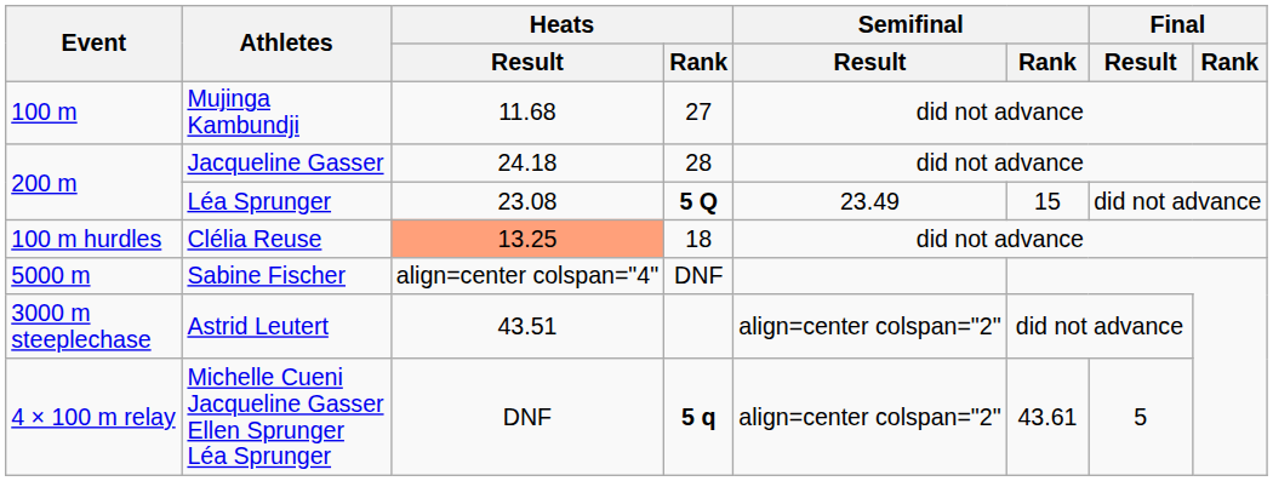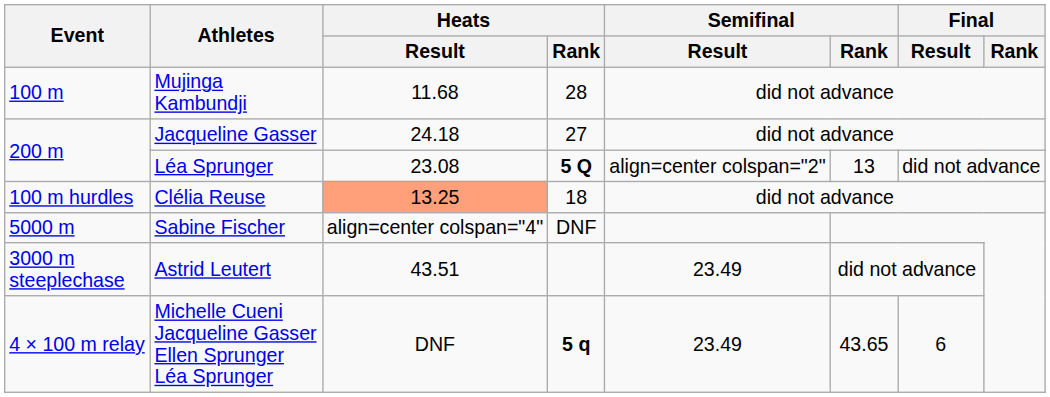 <table class="wikitable" border="1" style="font-size:90%">
 <tr>
 <th rowspan="2" width=100>Event</th>
 <th rowspan="2" width=120>Athletes</th>
 <th colspan="2">Heats</th>
 <th colspan="2">Semifinal</th>
 <th colspan="2">Final</th>
 </tr>
 <tr>
 <th>Result</th>
 <th>Rank</th>
 <th>Result</th>
 <th>Rank</th>
 <th>Result</th>
 <th>Rank</th>
 </tr>
 <tr>
 <td><a href='#'>100 m</a></td>
 <td><a href='#'>Mujinga Kambundji</a></td>
 <td align=center>11.68</td>
-<td align=center>27</td>
+<td align=center>28</td>
 <td align=center colspan="4">did not advance</td>
 </tr>
 <tr>
 <td rowspan=2><a href='#'>200 m</a></td>
 <td><a href='#'>Jacqueline Gasser</a></td>
 <td align=center>24.18</td>
-<td align=center>28</td>
+<td align=center>27</td>
 <td align=center colspan="4">did not advance</td>
 </tr>
 <tr>
 <td><a href='#'>Léa Sprunger</a></td>
 <td align=center>23.08</td>
 <td align=center><strong>5 Q</strong></td>
-<td align=center>23.49</td>
-<td align=center>15</td>
+<td>align=center colspan="2" </td>
+<td align=center>13</td>
 <td align=center colspan="2">did not advance</td>
 </tr>
 <tr>
 <td><a href='#'>100 m hurdles</a></td>
 <td><a href='#'>Clélia Reuse</a></td>
 <td align=center style="background: lightsalmon;">13.25</td>
 <td align=center>18</td>
 <td align=center colspan="4">did not advance</td>
 </tr>
 <tr>
 <td><a href='#'>5000 m</a></td>
 <td><a href='#'>Sabine Fischer</a></td>
 <td>align=center colspan="4" </td>
 <td align=center>DNF</td>
 <td align=center></td>
 </tr>
 <tr>
 <td><a href='#'>3000 m steeplechase</a></td>
 <td><a href='#'>Astrid Leutert</a></td>
 <td align=center>43.51</td>
 <td align=center></td>
-<td>align=center colspan="2" </td>
+<td align=center>23.49</td>
 <td align=center colspan="2">did not advance</td>
 </tr>
 <tr>
 <td><a href='#'>4 × 100 m relay</a></td>
 <td><a href='#'>Michelle Cueni</a><br><a href='#'>Jacqueline Gasser</a><br><a href='#'>Ellen Sprunger</a><br><a href='#'>Léa Sprunger</a></td>
 <td align=center>DNF</td>
 <td align=center><strong>5 q</strong></td>
-<td>align=center colspan="2" </td>
-<td align=center>43.61</td>
-<td align=center>5</td>
+<td align=center>23.49</td>
+<td align=center>43.65</td>
+<td align=center>6</td>
 </tr>
 </table>
